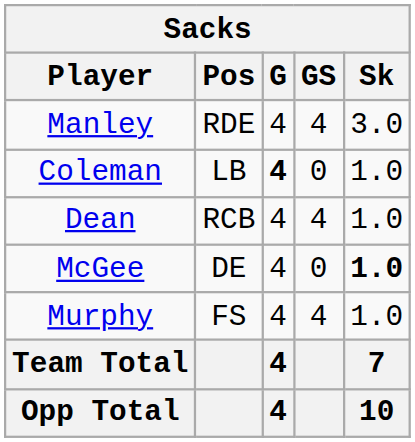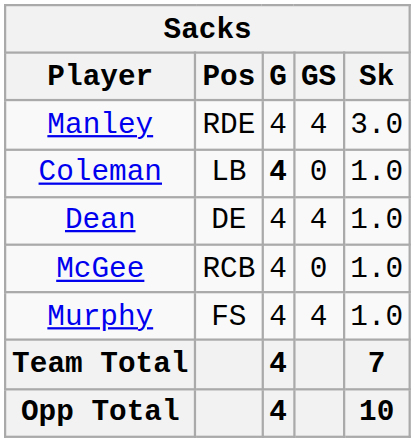 <table class="wikitable" style="text-align:center">
 <tr>
 <th colspan="5">Sacks</th>
 </tr>
 <tr>
 <th>Player</th>
 <th>Pos</th>
 <th>G</th>
 <th>GS</th>
 <th>Sk</th>
 </tr>
 <tr>
 <td><a href='#'>Manley</a></td>
 <td>RDE</td>
 <td>4</td>
 <td>4</td>
 <td>3.0</td>
 </tr>
 <tr>
 <td><a href='#'>Coleman</a></td>
 <td>LB</td>
 <td><strong>4</strong></td>
 <td>0</td>
 <td>1.0</td>
 </tr>
 <tr>
 <td><a href='#'>Dean</a></td>
-<td>RCB</td>
+<td>DE</td>
 <td>4</td>
 <td>4</td>
 <td>1.0</td>
 </tr>
 <tr>
 <td><a href='#'>McGee</a></td>
-<td>DE</td>
+<td>RCB</td>
 <td>4</td>
 <td>0</td>
-<td><strong>1.0</strong></td>
+<td>1.0</td>
 </tr>
 <tr>
 <td><a href='#'>Murphy</a></td>
 <td>FS</td>
 <td>4</td>
 <td>4</td>
 <td>1.0</td>
 </tr>
 <tr>
 <th>Team Total</th>
 <th></th>
 <th>4</th>
 <th></th>
 <th>7</th>
 </tr>
 <tr>
 <th>Opp Total</th>
 <th></th>
 <th>4</th>
 <th></th>
 <th>10</th>
 </tr>
 </table>
